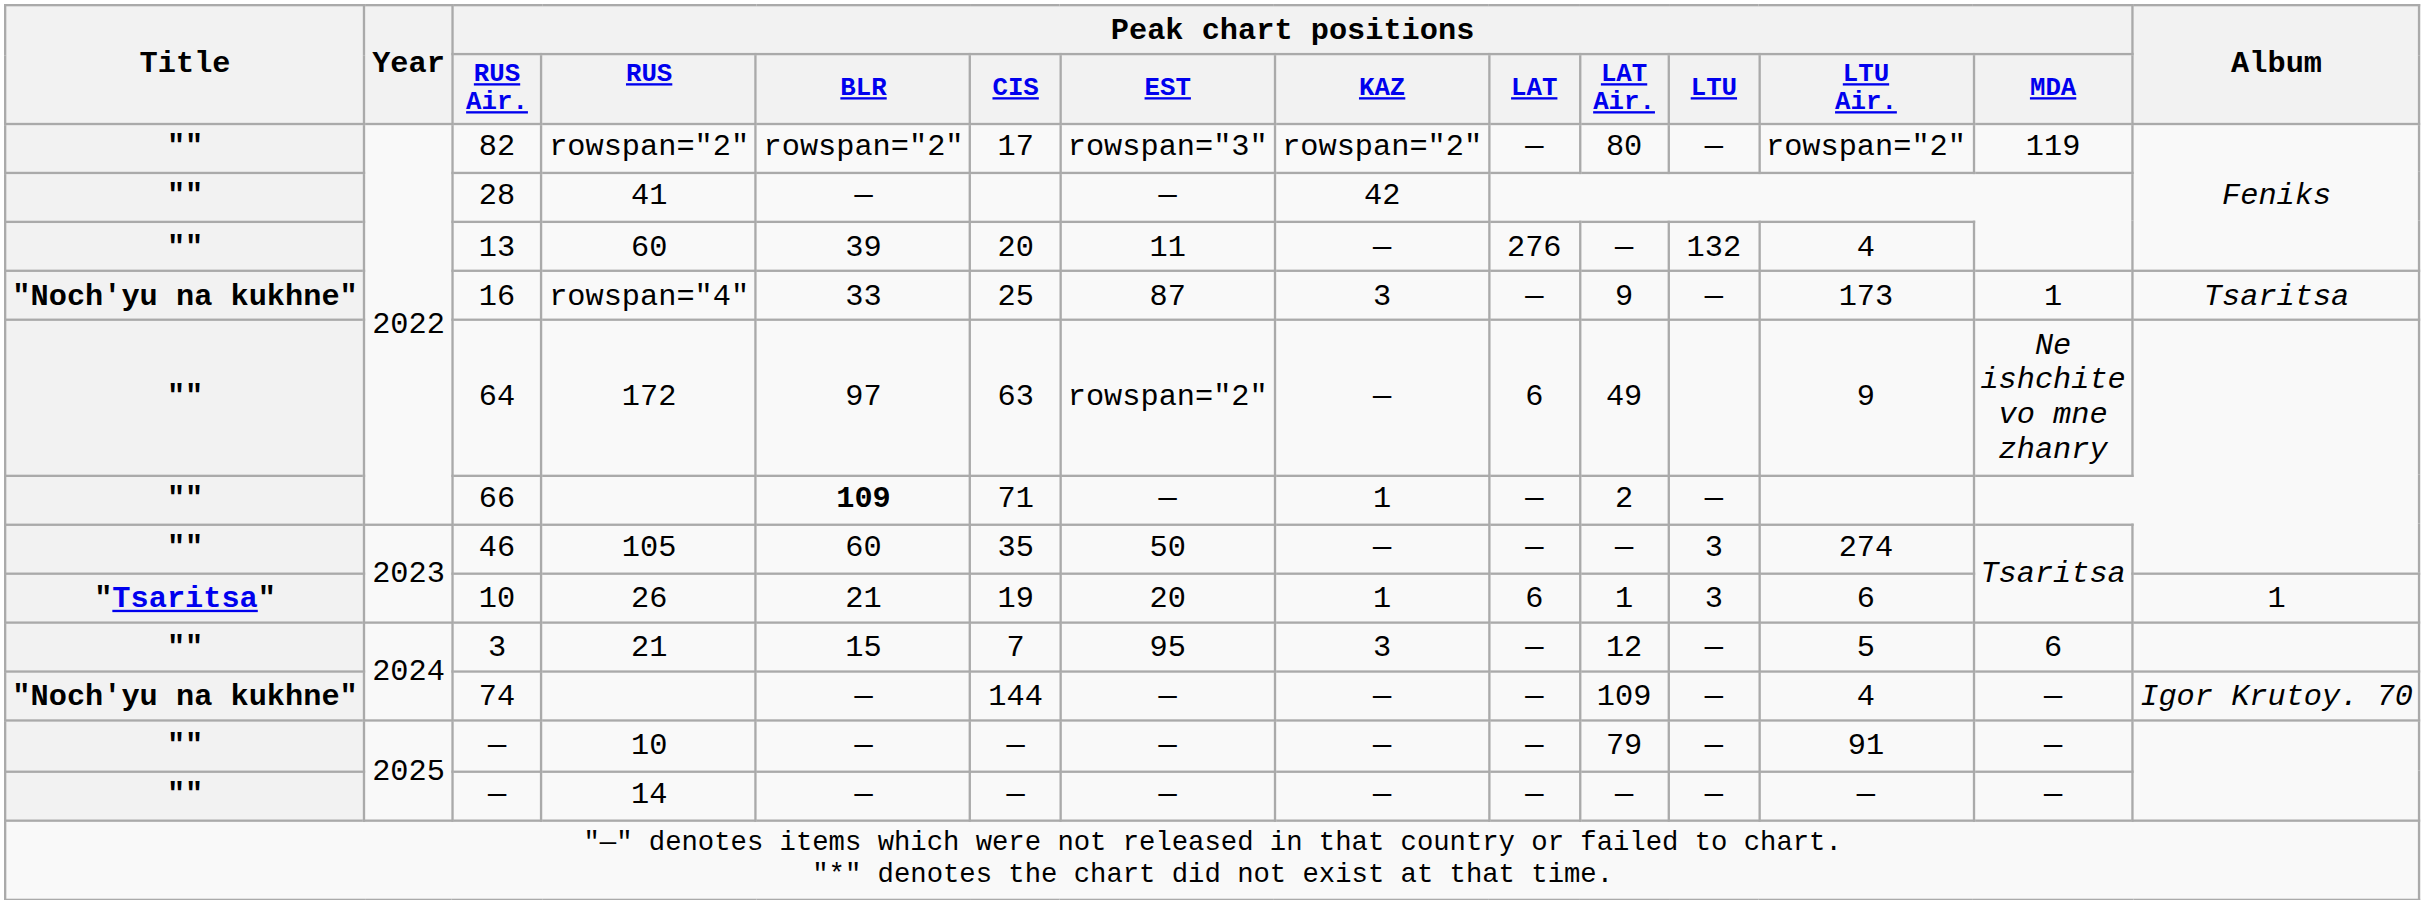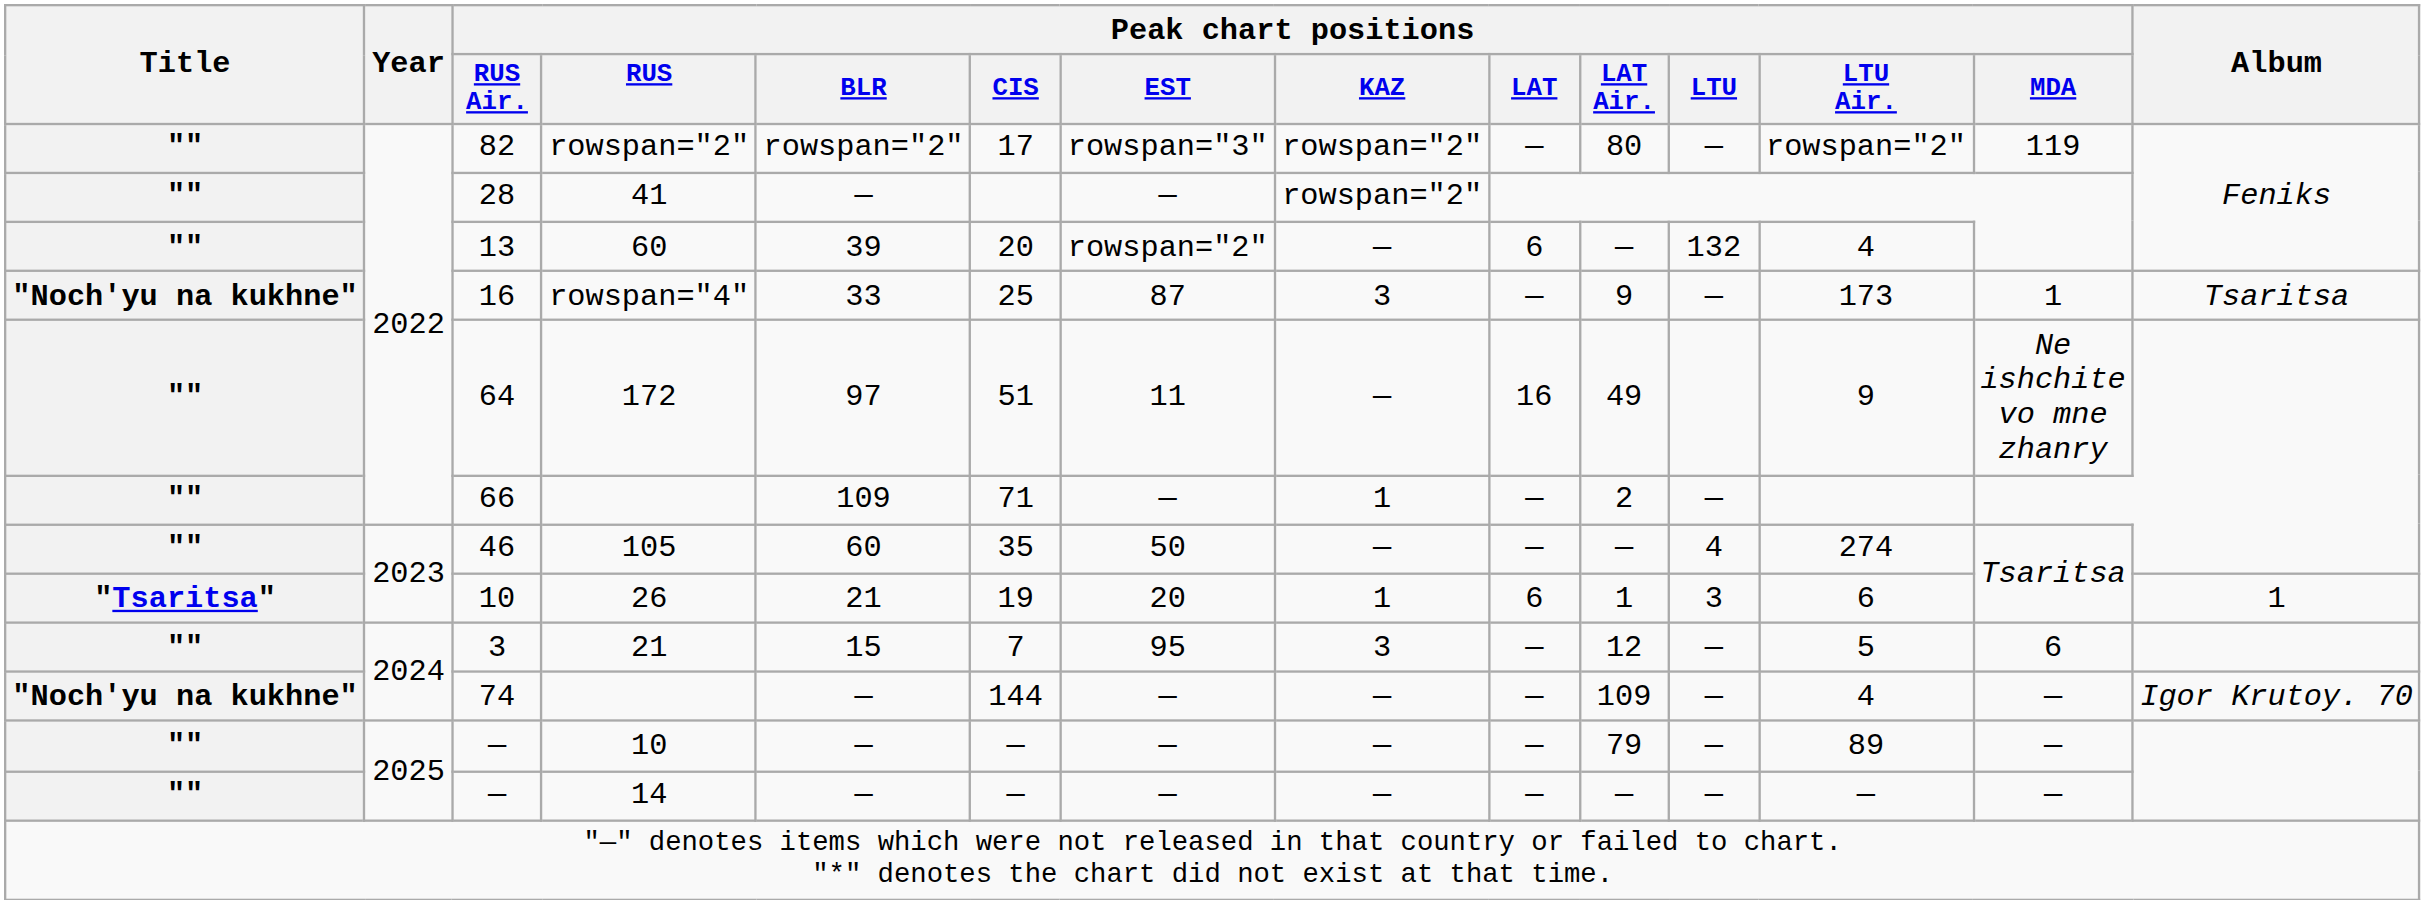 <table class="wikitable plainrowheaders" style="text-align:center;" border="1">
 <tr>
 <th scope="col" rowspan="2">Title</th>
 <th scope="col" rowspan="2">Year</th>
 <th colspan="11">Peak chart positions</th>
 <th scope="col" rowspan="2">Album</th>
 </tr>
 <tr>
 <th scope="col" style="width:3em; font-size:85%;"><a href='#'>RUS<br>Air.</a><br></th>
 <th scope="col" style="width:3em; font-size:85%;"><a href='#'>RUS<br></a><br></th>
 <th scope="col" style="width:3em; font-size:85%;"><a href='#'>BLR</a><br></th>
 <th scope="col" style="width:3em; font-size:85%;"><a href='#'>CIS</a><br></th>
 <th scope="col" style="width:3em; font-size:85%;"><a href='#'>EST</a><br></th>
 <th scope="col" style="width:3em; font-size:85%;"><a href='#'>KAZ</a><br></th>
 <th scope="col" style="width:3em; font-size:85%;"><a href='#'>LAT</a><br></th>
 <th scope="col" style="width:3em; font-size:85%;"><a href='#'>LAT<br>Air.</a><br></th>
 <th scope="col" style="width:3em; font-size:85%;"><a href='#'>LTU</a><br></th>
 <th scope="col" style="width:3em; font-size:85%;"><a href='#'>LTU<br>Air.</a><br></th>
 <th scope="col" style="width:3em; font-size:85%;"><a href='#'>MDA</a><br></th>
 </tr>
 <tr>
 <th scope="row">""</th>
 <td rowspan="6">2022</td>
 <td>82</td>
 <td>rowspan="2" </td>
 <td>rowspan="2" </td>
 <td>17</td>
 <td>rowspan="3" </td>
 <td>rowspan="2" </td>
 <td>—</td>
 <td>80</td>
 <td>—</td>
 <td>rowspan="2" </td>
 <td>119</td>
 <td rowspan="3"><em>Feniks</em></td>
 </tr>
 <tr>
 <th scope="row">""<br></th>
 <td>28</td>
 <td>41</td>
 <td>—</td>
 <td></td>
 <td>—</td>
-<td>42</td>
+<td>rowspan="2" </td>
 </tr>
 <tr>
 <th scope="row">""</th>
 <td>13</td>
 <td>60</td>
 <td>39</td>
 <td>20</td>
-<td>11</td>
+<td>rowspan="2" </td>
 <td>—</td>
-<td>276</td>
+<td>6</td>
 <td>—</td>
 <td>132</td>
 <td>4</td>
 </tr>
 <tr>
 <th scope="row">"Noch'yu na kukhne"</th>
 <td>16</td>
 <td>rowspan="4" </td>
 <td>33</td>
 <td>25</td>
 <td>87</td>
 <td>3</td>
 <td>—</td>
 <td>9</td>
 <td>—</td>
 <td>173</td>
 <td>1</td>
 <td><em>Tsaritsa</em></td>
 </tr>
 <tr>
 <th scope="row">""<br></th>
 <td>64</td>
 <td>172</td>
 <td>97</td>
-<td>63</td>
-<td>rowspan="2" </td>
+<td>51</td>
+<td>11</td>
 <td>—</td>
-<td>6</td>
+<td>16</td>
 <td>49</td>
 <td></td>
 <td>9</td>
 <td><em>Ne ishchite vo mne zhanry</em></td>
 </tr>
 <tr>
 <th scope="row">""</th>
 <td>66</td>
 <td></td>
-<td><strong>109</strong></td>
+<td>109</td>
 <td>71</td>
 <td>—</td>
 <td>1</td>
 <td>—</td>
 <td>2</td>
 <td>—</td>
 <td></td>
 </tr>
 <tr>
 <th scope="row">""</th>
 <td rowspan="2">2023</td>
 <td>46</td>
 <td>105</td>
 <td>60</td>
 <td>35</td>
 <td>50</td>
 <td>—</td>
 <td>—</td>
 <td>—</td>
-<td>3</td>
+<td>4</td>
 <td>274</td>
 <td rowspan="2"><em>Tsaritsa</em></td>
 </tr>
 <tr>
 <th scope="row">"<a href='#'>Tsaritsa</a>"</th>
 <td>10</td>
 <td>26</td>
 <td>21</td>
 <td>19</td>
 <td>20</td>
 <td>1</td>
 <td>6</td>
 <td>1</td>
 <td>3</td>
 <td>6</td>
 <td>1</td>
 </tr>
 <tr>
 <th scope="row">""</th>
 <td rowspan="2">2024</td>
 <td>3</td>
 <td>21</td>
 <td>15</td>
 <td>7</td>
 <td>95</td>
 <td>3</td>
 <td>—</td>
 <td>12</td>
 <td>—</td>
 <td>5</td>
 <td>6</td>
 <td></td>
 </tr>
 <tr>
 <th scope="row">"Noch'yu na kukhne"</th>
 <td>74</td>
 <td></td>
 <td>—</td>
 <td>144</td>
 <td>—</td>
 <td>—</td>
 <td>—</td>
 <td>109</td>
 <td>—</td>
 <td>4</td>
 <td>—</td>
 <td><em>Igor Krutoy. 70</em></td>
 </tr>
 <tr>
 <th scope="row">""</th>
 <td rowspan="2">2025</td>
 <td>—</td>
 <td>10</td>
 <td>—</td>
 <td>—</td>
 <td>—</td>
 <td>—</td>
 <td>—</td>
 <td>79</td>
 <td>—</td>
-<td>91</td>
+<td>89</td>
 <td>—</td>
 <td rowspan="2"></td>
 </tr>
 <tr>
 <th scope="row">""</th>
 <td>—</td>
 <td>14</td>
 <td>—</td>
 <td>—</td>
 <td>—</td>
 <td>—</td>
 <td>—</td>
 <td>—</td>
 <td>—</td>
 <td>—</td>
 <td>—</td>
 </tr>
 <tr>
 <td colspan="14" style="font-size:90%;">"—" denotes items which were not released in that country or failed to chart.<br>"*" denotes the chart did not exist at that time.</td>
 </tr>
 </table>
